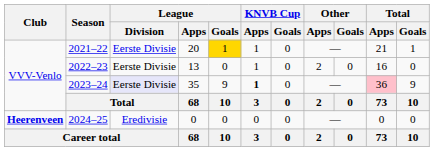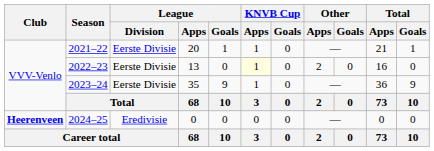 <table class="wikitable" style="text-align:center">
 <tr>
 <th rowspan="2">Club</th>
 <th rowspan="2">Season</th>
 <th colspan="3">League</th>
 <th colspan="2"><a href='#'>KNVB Cup</a></th>
 <th colspan="2">Other</th>
 <th colspan="2">Total</th>
 </tr>
 <tr>
 <th>Division</th>
 <th>Apps</th>
 <th>Goals</th>
 <th>Apps</th>
 <th>Goals</th>
 <th>Apps</th>
 <th>Goals</th>
 <th>Apps</th>
 <th>Goals</th>
 </tr>
 <tr>
 <td rowspan="4"><a href='#'>VVV-Venlo</a></td>
 <td><a href='#'>2021–22</a></td>
 <td><a href='#'>Eerste Divisie</a></td>
 <td>20</td>
-<td style="background: gold;">1</td>
+<td>1</td>
 <td>1</td>
 <td>0</td>
 <td colspan="2">—</td>
 <td>21</td>
 <td>1</td>
 </tr>
 <tr>
 <td><a href='#'>2022–23</a></td>
 <td>Eerste Divisie</td>
 <td>13</td>
 <td>0</td>
-<td>1</td>
+<td style="background: lightyellow;">1</td>
 <td>0</td>
 <td>2</td>
 <td>0</td>
 <td>16</td>
 <td>0</td>
 </tr>
 <tr>
 <td><a href='#'>2023–24</a></td>
-<td style="background: lavender;">Eerste Divisie</td>
+<td>Eerste Divisie</td>
 <td>35</td>
 <td>9</td>
-<td><strong>1</strong></td>
+<td>1</td>
 <td>0</td>
 <td colspan="2">—</td>
-<td style="background: pink;">36</td>
+<td>36</td>
 <td>9</td>
 </tr>
 <tr>
 <th colspan="2">Total</th>
 <th>68</th>
 <th>10</th>
 <th>3</th>
 <th>0</th>
 <th>2</th>
 <th>0</th>
 <th>73</th>
 <th>10</th>
 </tr>
 <tr>
 <td rowspan="1"><strong><a href='#'>Heerenveen</a></strong></td>
 <td><a href='#'>2024–25</a></td>
 <td><a href='#'>Eredivisie</a></td>
 <td>0</td>
 <td>0</td>
 <td>0</td>
 <td>0</td>
 <td colspan="2">—</td>
 <td>0</td>
 <td>0</td>
 </tr>
 <tr>
 <th colspan="3">Career total</th>
 <th>68</th>
 <th>10</th>
 <th>3</th>
 <th>0</th>
 <th>2</th>
 <th>0</th>
 <th>73</th>
 <th>10</th>
 </tr>
 </table>
